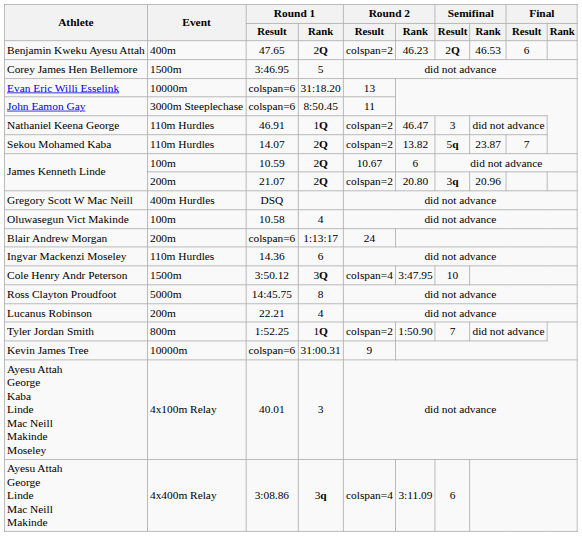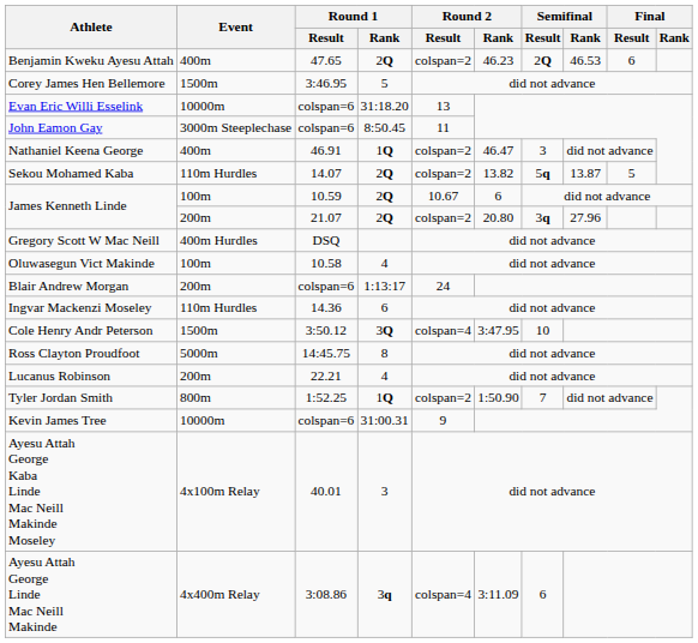 <table class="wikitable" style="font-size:90%">
 <tr>
 <th rowspan="2">Athlete</th>
 <th rowspan="2">Event</th>
 <th colspan="2">Round 1</th>
 <th colspan="2">Round 2</th>
 <th colspan="2">Semifinal</th>
 <th colspan="2">Final</th>
 </tr>
 <tr style="font-size:95%">
 <th>Result</th>
 <th>Rank</th>
 <th>Result</th>
 <th>Rank</th>
 <th>Result</th>
 <th>Rank</th>
 <th>Result</th>
 <th>Rank</th>
 </tr>
 <tr align=center>
 <td align=left>Benjamin Kweku Ayesu Attah</td>
 <td align=left>400m</td>
 <td>47.65</td>
 <td>2<strong>Q</strong></td>
 <td>colspan=2 </td>
 <td>46.23</td>
 <td>2<strong>Q</strong></td>
 <td>46.53</td>
 <td>6</td>
 </tr>
 <tr align=center>
 <td align=left>Corey James Hen Bellemore</td>
 <td align=left>1500m</td>
 <td>3:46.95</td>
 <td>5</td>
 <td colspan=6>did not advance</td>
 </tr>
 <tr align=center>
 <td align=left><a href='#'>Evan Eric Willi Esselink</a></td>
 <td align=left>10000m</td>
 <td>colspan=6 </td>
 <td>31:18.20</td>
 <td>13</td>
 </tr>
 <tr align=center>
 <td align=left><a href='#'>John Eamon Gay</a></td>
 <td align=left>3000m Steeplechase</td>
 <td>colspan=6 </td>
 <td>8:50.45</td>
 <td>11</td>
 </tr>
 <tr align=center>
 <td align=left>Nathaniel Keena George</td>
-<td align=left>110m Hurdles</td>
+<td align=left>400m</td>
 <td>46.91</td>
 <td>1<strong>Q</strong></td>
 <td>colspan=2 </td>
 <td>46.47</td>
 <td>3</td>
 <td colspan=2>did not advance</td>
 </tr>
 <tr align=center>
 <td align=left>Sekou Mohamed Kaba</td>
 <td align=left>110m Hurdles</td>
 <td>14.07</td>
 <td>2<strong>Q</strong></td>
 <td>colspan=2 </td>
 <td>13.82</td>
 <td>5<strong>q</strong></td>
-<td>23.87</td>
-<td>7</td>
+<td>13.87</td>
+<td>5</td>
 </tr>
 <tr align=center>
 <td align=left rowspan=2>James Kenneth Linde</td>
 <td align=left>100m</td>
 <td>10.59</td>
 <td>2<strong>Q</strong></td>
 <td>10.67</td>
 <td>6</td>
 <td colspan=4>did not advance</td>
 </tr>
 <tr align=center>
 <td align=left>200m</td>
 <td>21.07</td>
 <td>2<strong>Q</strong></td>
 <td>colspan=2 </td>
 <td>20.80</td>
 <td>3<strong>q</strong></td>
-<td>20.96</td>
+<td>27.96</td>
 <td></td>
 </tr>
 <tr align=center>
 <td align=left>Gregory Scott W Mac Neill</td>
 <td align=left>400m Hurdles</td>
 <td>DSQ</td>
 <td></td>
 <td colspan=6>did not advance</td>
 </tr>
 <tr align=center>
 <td align=left>Oluwasegun Vict Makinde</td>
 <td align=left>100m</td>
 <td>10.58</td>
 <td>4</td>
 <td colspan=6>did not advance</td>
 </tr>
 <tr align=center>
 <td align=left>Blair Andrew Morgan</td>
 <td align=left>200m</td>
 <td>colspan=6 </td>
 <td>1:13:17</td>
 <td>24</td>
 </tr>
 <tr align=center>
 <td align=left>Ingvar Mackenzi Moseley</td>
 <td align=left>110m Hurdles</td>
 <td>14.36</td>
 <td>6</td>
 <td colspan=6>did not advance</td>
 </tr>
 <tr align=center>
 <td align=left>Cole Henry Andr Peterson</td>
 <td align=left>1500m</td>
 <td>3:50.12</td>
 <td>3<strong>Q</strong></td>
 <td>colspan=4 </td>
 <td>3:47.95</td>
 <td>10</td>
 </tr>
 <tr align=center>
 <td align=left>Ross Clayton Proudfoot</td>
 <td align=left>5000m</td>
 <td>14:45.75</td>
 <td>8</td>
 <td colspan=6>did not advance</td>
 </tr>
 <tr align=center>
 <td align=left>Lucanus Robinson</td>
 <td align=left>200m</td>
 <td>22.21</td>
 <td>4</td>
 <td colspan=6>did not advance</td>
 </tr>
 <tr align=center>
 <td align=left>Tyler Jordan Smith</td>
 <td align=left>800m</td>
 <td>1:52.25</td>
 <td>1<strong>Q</strong></td>
 <td>colspan=2 </td>
 <td>1:50.90</td>
 <td>7</td>
 <td colspan=2>did not advance</td>
 </tr>
 <tr align=center>
 <td align=left>Kevin James Tree</td>
 <td align=left>10000m</td>
 <td>colspan=6 </td>
 <td>31:00.31</td>
 <td>9</td>
 </tr>
 <tr align=center>
 <td align=left>Ayesu Attah<br>George<br>Kaba<br>Linde<br>Mac Neill<br>Makinde<br>Moseley</td>
 <td align=left>4x100m Relay</td>
 <td>40.01</td>
 <td>3</td>
 <td colspan=6>did not advance</td>
 </tr>
 <tr align=center>
 <td align=left>Ayesu Attah<br>George<br>Linde<br>Mac Neill<br>Makinde</td>
 <td align=left>4x400m Relay</td>
 <td>3:08.86</td>
 <td>3<strong>q</strong></td>
 <td>colspan=4 </td>
 <td>3:11.09</td>
 <td>6</td>
 </tr>
 </table>
